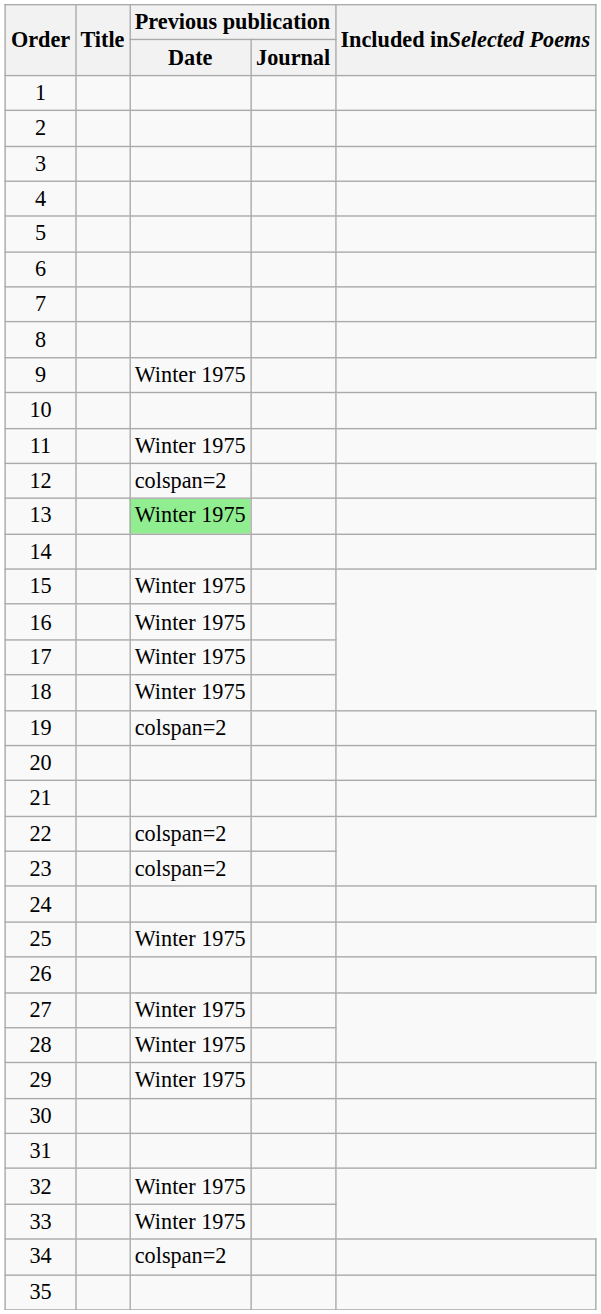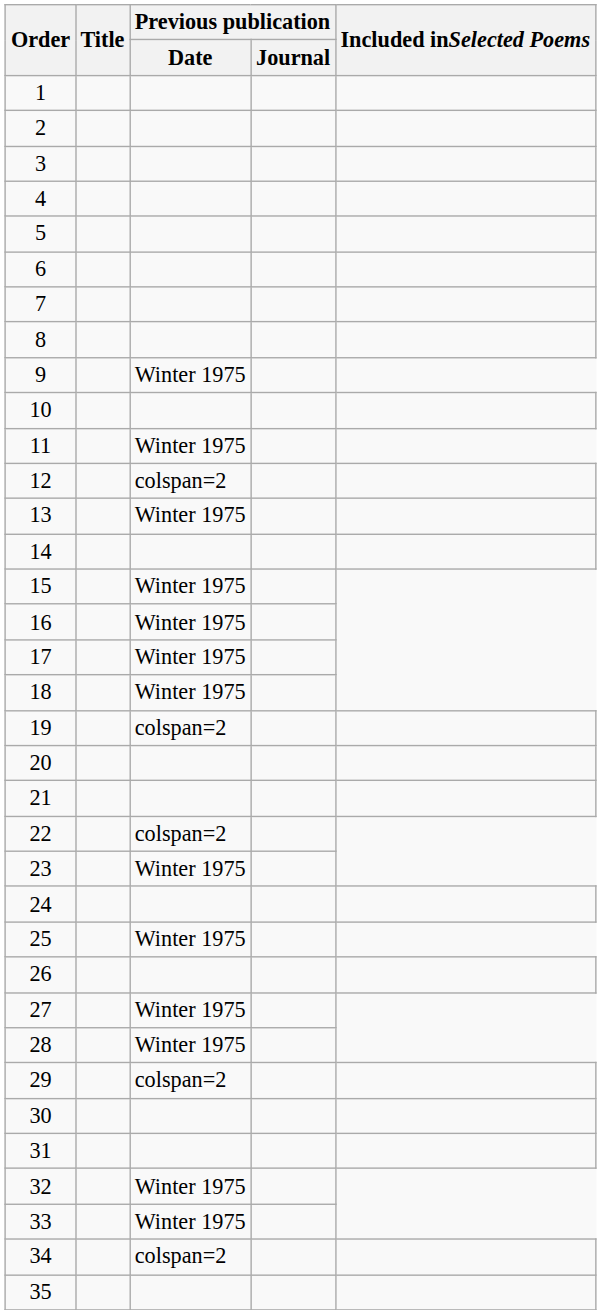 <table class="sortable wikitable" style="margin-left: auto; margin-right: auto; border: none;">
 <tr>
 <th rowspan=2>Order</th>
 <th rowspan=2>Title</th>
 <th colspan=2>Previous publication</th>
 <th rowspan=2>Included in<em>Selected Poems</em></th>
 </tr>
 <tr>
 <th>Date</th>
 <th>Journal</th>
 </tr>
 <tr>
 <td align="center">1</td>
 <td></td>
 <td></td>
 <td></td>
 <td></td>
 </tr>
 <tr>
 <td align="center">2</td>
 <td></td>
 <td></td>
 <td></td>
 <td></td>
 </tr>
 <tr>
 <td align="center">3</td>
 <td></td>
 <td></td>
 <td></td>
 <td></td>
 </tr>
 <tr>
 <td align="center">4</td>
 <td></td>
 <td></td>
 <td></td>
 <td></td>
 </tr>
 <tr>
 <td align="center">5</td>
 <td></td>
 <td></td>
 <td></td>
 <td></td>
 </tr>
 <tr>
 <td align="center">6</td>
 <td></td>
 <td></td>
 <td></td>
 <td></td>
 </tr>
 <tr>
 <td align="center">7</td>
 <td></td>
 <td></td>
 <td></td>
 <td></td>
 </tr>
 <tr>
 <td align="center">8</td>
 <td></td>
 <td></td>
 <td></td>
 <td></td>
 </tr>
 <tr>
 <td align="center">9</td>
 <td></td>
 <td> Winter 1975</td>
 <td></td>
 </tr>
 <tr>
 <td align="center">10</td>
 <td></td>
 <td></td>
 <td></td>
 <td></td>
 </tr>
 <tr>
 <td align="center">11</td>
 <td></td>
 <td> Winter 1975</td>
 <td></td>
 </tr>
 <tr>
 <td align="center">12</td>
 <td></td>
 <td>colspan=2 </td>
 <td></td>
 <td></td>
 </tr>
 <tr>
 <td align="center">13</td>
 <td></td>
-<td style="background: lightgreen;"> Winter 1975</td>
+<td> Winter 1975</td>
 <td></td>
 <td></td>
 </tr>
 <tr>
 <td align="center">14</td>
 <td></td>
 <td></td>
 <td></td>
 <td></td>
 </tr>
 <tr>
 <td align="center">15</td>
 <td></td>
 <td> Winter 1975</td>
 <td></td>
 </tr>
 <tr>
 <td align="center">16</td>
 <td></td>
 <td> Winter 1975</td>
 <td></td>
 </tr>
 <tr>
 <td align="center">17</td>
 <td></td>
 <td> Winter 1975</td>
 <td></td>
 </tr>
 <tr>
 <td align="center">18</td>
 <td></td>
 <td> Winter 1975</td>
 <td></td>
 </tr>
 <tr>
 <td align="center">19</td>
 <td></td>
 <td>colspan=2 </td>
 <td></td>
 <td></td>
 </tr>
 <tr>
 <td align="center">20</td>
 <td></td>
 <td></td>
 <td></td>
 <td></td>
 </tr>
 <tr>
 <td align="center">21</td>
 <td></td>
 <td></td>
 <td></td>
 <td></td>
 </tr>
 <tr>
 <td align="center">22</td>
 <td></td>
 <td>colspan=2 </td>
 <td></td>
 </tr>
 <tr>
 <td align="center">23</td>
 <td></td>
-<td>colspan=2 </td>
+<td> Winter 1975</td>
 <td></td>
 </tr>
 <tr>
 <td align="center">24</td>
 <td></td>
 <td></td>
 <td></td>
 <td></td>
 </tr>
 <tr>
 <td align="center">25</td>
 <td></td>
 <td> Winter 1975</td>
 <td></td>
 </tr>
 <tr>
 <td align="center">26</td>
 <td></td>
 <td></td>
 <td></td>
 <td></td>
 </tr>
 <tr>
 <td align="center">27</td>
 <td></td>
 <td> Winter 1975</td>
 <td></td>
 </tr>
 <tr>
 <td align="center">28</td>
 <td></td>
 <td> Winter 1975</td>
 <td></td>
 </tr>
 <tr>
 <td align="center">29</td>
 <td></td>
-<td> Winter 1975</td>
+<td>colspan=2 </td>
 <td></td>
 <td></td>
 </tr>
 <tr>
 <td align="center">30</td>
 <td></td>
 <td></td>
 <td></td>
 <td></td>
 </tr>
 <tr>
 <td align="center">31</td>
 <td></td>
 <td></td>
 <td></td>
 <td></td>
 </tr>
 <tr>
 <td align="center">32</td>
 <td></td>
 <td> Winter 1975</td>
 <td></td>
 </tr>
 <tr>
 <td align="center">33</td>
 <td></td>
 <td> Winter 1975</td>
 <td></td>
 </tr>
 <tr>
 <td align="center">34</td>
 <td></td>
 <td>colspan=2 </td>
 <td></td>
 <td></td>
 </tr>
 <tr>
 <td align="center">35</td>
 <td></td>
 <td></td>
 <td></td>
 <td></td>
 </tr>
 </table>
